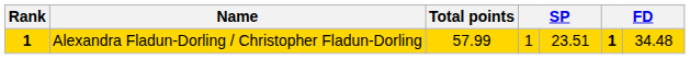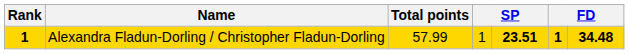 <table class="wikitable sortable">
 <tr>
 <th>Rank</th>
 <th>Name</th>
 <th>Total points</th>
 <th colspan="2" width="80px"><a href='#'>SP</a></th>
 <th colspan="2" width="80px"><a href='#'>FD</a></th>
 </tr>
 <tr bgcolor="gold">
 <td align="center"><strong>1</strong></td>
 <td>Alexandra Fladun-Dorling / Christopher Fladun-Dorling</td>
 <td align="center">57.99</td>
 <td align="center">1</td>
-<td align="center">23.51</td>
+<td align="center"><strong>23.51</strong></td>
 <td align="center"><strong>1</strong></td>
-<td align="center">34.48</td>
+<td align="center"><strong>34.48</strong></td>
 </tr>
 </table>
